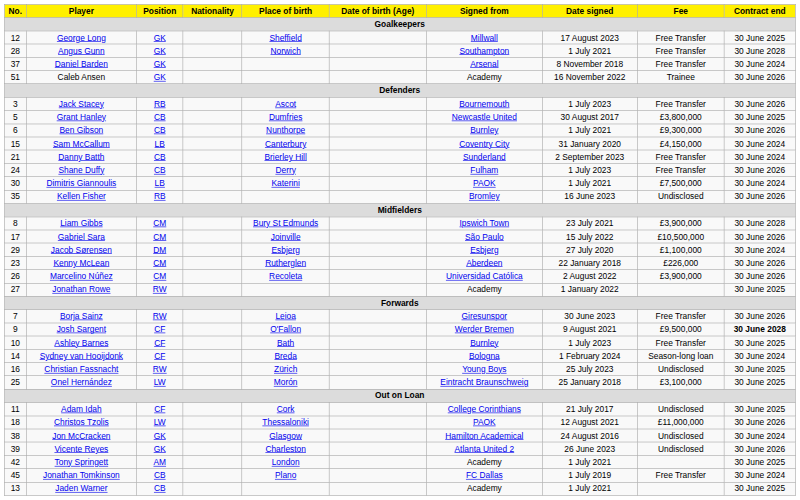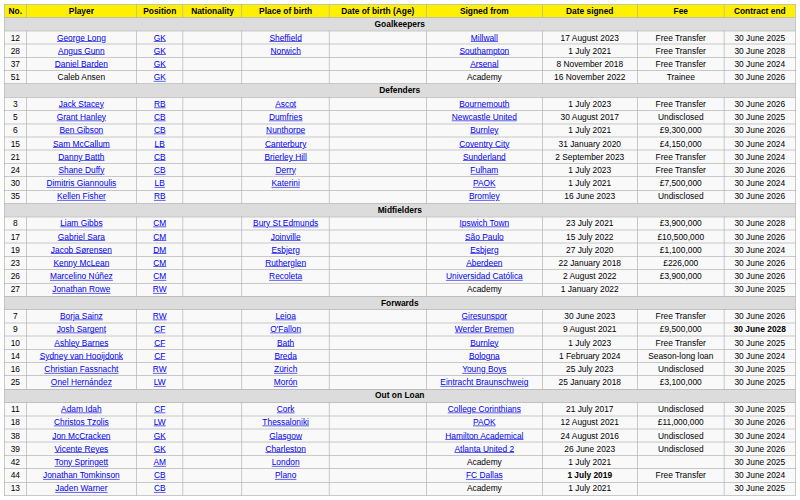 <table class="wikitable" style="text-align:center; font-size:84.5%; width:101%;">
 <tr>
 <th style="background:#fff000;color:#000000;">No.</th>
 <th style="background:#fff000;color:#000000;">Player</th>
 <th style="background:#fff000;color:#000000;">Position</th>
 <th style="background:#fff000;color:#000000;">Nationality</th>
 <th style="background:#fff000;color:#000000;">Place of birth</th>
 <th style="background:#fff000;color:#000000;">Date of birth (Age)</th>
 <th style="background:#fff000;color:#000000;">Signed from</th>
 <th style="background:#fff000;color:#000000;">Date signed</th>
 <th style="background:#fff000;color:#000000;">Fee</th>
 <th style="background:#fff000;color:#000000;">Contract end</th>
 </tr>
 <tr>
 <th colspan="14" style="background:#dcdcdc; tepxt-align:center;">Goalkeepers</th>
 </tr>
 <tr>
 <td>12</td>
 <td><a href='#'>George Long</a></td>
 <td><a href='#'>GK</a></td>
 <td></td>
 <td><a href='#'>Sheffield</a></td>
 <td></td>
 <td><a href='#'>Millwall</a></td>
 <td>17 August 2023</td>
 <td>Free Transfer</td>
 <td>30 June 2025</td>
 </tr>
 <tr>
 <td>28</td>
 <td><a href='#'>Angus Gunn</a></td>
 <td><a href='#'>GK</a></td>
 <td></td>
 <td><a href='#'>Norwich</a></td>
 <td></td>
 <td><a href='#'>Southampton</a></td>
 <td>1 July 2021</td>
 <td>Free Transfer</td>
 <td>30 June 2028</td>
 </tr>
 <tr>
 <td>37</td>
 <td><a href='#'>Daniel Barden</a></td>
 <td><a href='#'>GK</a></td>
 <td></td>
 <td></td>
 <td></td>
 <td><a href='#'>Arsenal</a></td>
 <td>8 November 2018</td>
 <td>Free Transfer</td>
 <td>30 June 2024</td>
 </tr>
 <tr>
 <td>51</td>
 <td>Caleb Ansen</td>
 <td><a href='#'>GK</a></td>
 <td></td>
 <td></td>
 <td></td>
 <td>Academy</td>
 <td>16 November 2022</td>
 <td>Trainee</td>
 <td>30 June 2026</td>
 </tr>
 <tr>
 <th colspan="14" style="background:#dcdcdc; tepxt-align:center;">Defenders</th>
 </tr>
 <tr>
 <td>3</td>
 <td><a href='#'>Jack Stacey</a></td>
 <td><a href='#'>RB</a></td>
 <td></td>
 <td><a href='#'>Ascot</a></td>
 <td></td>
 <td><a href='#'>Bournemouth</a></td>
 <td>1 July 2023</td>
 <td>Free Transfer</td>
 <td>30 June 2026</td>
 </tr>
 <tr>
 <td>5</td>
 <td><a href='#'>Grant Hanley</a></td>
 <td><a href='#'>CB</a></td>
 <td></td>
 <td><a href='#'>Dumfries</a></td>
 <td></td>
 <td><a href='#'>Newcastle United</a></td>
 <td>30 August 2017</td>
-<td>£3,800,000</td>
+<td>Undisclosed</td>
 <td>30 June 2025</td>
 </tr>
 <tr>
 <td>6</td>
 <td><a href='#'>Ben Gibson</a></td>
 <td><a href='#'>CB</a></td>
 <td></td>
 <td><a href='#'>Nunthorpe</a></td>
 <td></td>
 <td><a href='#'>Burnley</a></td>
 <td>1 July 2021</td>
 <td>£9,300,000</td>
 <td>30 June 2026</td>
 </tr>
 <tr>
 <td>15</td>
 <td><a href='#'>Sam McCallum</a></td>
 <td><a href='#'>LB</a></td>
 <td></td>
 <td><a href='#'>Canterbury</a></td>
 <td></td>
 <td><a href='#'>Coventry City</a></td>
 <td>31 January 2020</td>
 <td>£4,150,000</td>
 <td>30 June 2024</td>
 </tr>
 <tr>
 <td>21</td>
 <td><a href='#'>Danny Batth</a></td>
 <td><a href='#'>CB</a></td>
 <td></td>
 <td><a href='#'>Brierley Hill</a></td>
 <td></td>
 <td><a href='#'>Sunderland</a></td>
 <td>2 September 2023</td>
 <td>Free Transfer</td>
 <td>30 June 2024</td>
 </tr>
 <tr>
 <td>24</td>
 <td><a href='#'>Shane Duffy</a></td>
 <td><a href='#'>CB</a></td>
 <td></td>
 <td><a href='#'>Derry</a></td>
 <td></td>
 <td><a href='#'>Fulham</a></td>
 <td>1 July 2023</td>
 <td>Free Transfer</td>
 <td>30 June 2026</td>
 </tr>
 <tr>
 <td>30</td>
 <td><a href='#'>Dimitris Giannoulis</a></td>
 <td><a href='#'>LB</a></td>
 <td></td>
 <td><a href='#'>Katerini</a></td>
 <td></td>
 <td> <a href='#'>PAOK</a></td>
 <td>1 July 2021</td>
 <td>£7,500,000</td>
 <td>30 June 2024</td>
 </tr>
 <tr>
 <td>35</td>
 <td><a href='#'>Kellen Fisher</a></td>
 <td><a href='#'>RB</a></td>
 <td></td>
 <td></td>
 <td></td>
 <td><a href='#'>Bromley</a></td>
 <td>16 June 2023</td>
 <td>Undisclosed</td>
 <td>30 June 2026</td>
 </tr>
 <tr>
 <th colspan="14" style="background:#dcdcdc; tepxt-align:center;">Midfielders</th>
 </tr>
 <tr>
 <td>8</td>
 <td><a href='#'>Liam Gibbs</a></td>
 <td><a href='#'>CM</a></td>
 <td></td>
 <td><a href='#'>Bury St Edmunds</a></td>
 <td></td>
 <td><a href='#'>Ipswich Town</a></td>
 <td>23 July 2021</td>
 <td>£3,900,000</td>
 <td>30 June 2028</td>
 </tr>
 <tr>
 <td>17</td>
 <td><a href='#'>Gabriel Sara</a></td>
 <td><a href='#'>CM</a></td>
 <td></td>
 <td><a href='#'>Joinville</a></td>
 <td></td>
 <td> <a href='#'>São Paulo</a></td>
 <td>15 July 2022</td>
 <td>£10,500,000</td>
 <td>30 June 2026</td>
 </tr>
 <tr>
-<td>29</td>
+<td>19</td>
 <td><a href='#'>Jacob Sørensen</a></td>
 <td><a href='#'>DM</a></td>
 <td></td>
 <td><a href='#'>Esbjerg</a></td>
 <td></td>
 <td> <a href='#'>Esbjerg</a></td>
 <td>27 July 2020</td>
 <td>£1,100,000</td>
 <td>30 June 2024</td>
 </tr>
 <tr>
 <td>23</td>
 <td><a href='#'>Kenny McLean</a></td>
 <td><a href='#'>CM</a></td>
 <td></td>
 <td><a href='#'>Rutherglen</a></td>
 <td></td>
 <td> <a href='#'>Aberdeen</a></td>
 <td>22 January 2018</td>
 <td>£226,000</td>
 <td>30 June 2026</td>
 </tr>
 <tr>
 <td>26</td>
 <td><a href='#'>Marcelino Núñez</a></td>
 <td><a href='#'>CM</a></td>
 <td></td>
 <td><a href='#'>Recoleta</a></td>
 <td></td>
 <td> <a href='#'>Universidad Católica</a></td>
 <td>2 August 2022</td>
 <td>£3,900,000</td>
 <td>30 June 2026</td>
 </tr>
 <tr>
 <td>27</td>
 <td><a href='#'>Jonathan Rowe</a></td>
 <td><a href='#'>RW</a></td>
 <td></td>
 <td></td>
 <td></td>
 <td>Academy</td>
 <td>1 January 2022</td>
 <td></td>
 <td>30 June 2025</td>
 </tr>
 <tr>
 <th colspan="14" style="background:#dcdcdc; tepxt-align:center;">Forwards</th>
 </tr>
 <tr>
 <td>7</td>
 <td><a href='#'>Borja Sainz</a></td>
 <td><a href='#'>RW</a></td>
 <td></td>
 <td><a href='#'>Leioa</a></td>
 <td></td>
 <td> <a href='#'>Giresunspor</a></td>
 <td>30 June 2023</td>
 <td>Free Transfer</td>
 <td>30 June 2026</td>
 </tr>
 <tr>
 <td>9</td>
 <td><a href='#'>Josh Sargent</a></td>
 <td><a href='#'>CF</a></td>
 <td></td>
 <td><a href='#'>O'Fallon</a></td>
 <td></td>
 <td> <a href='#'>Werder Bremen</a></td>
 <td>9 August 2021</td>
 <td>£9,500,000</td>
 <td><strong>30 June 2028</strong></td>
 </tr>
 <tr>
 <td>10</td>
 <td><a href='#'>Ashley Barnes</a></td>
 <td><a href='#'>CF</a></td>
 <td></td>
 <td><a href='#'>Bath</a></td>
 <td></td>
 <td><a href='#'>Burnley</a></td>
 <td>1 July 2023</td>
 <td>Free Transfer</td>
 <td>30 June 2025</td>
 </tr>
 <tr>
 <td>14</td>
 <td><a href='#'>Sydney van Hooijdonk</a></td>
 <td><a href='#'>CF</a></td>
 <td></td>
 <td><a href='#'>Breda</a></td>
 <td></td>
 <td> <a href='#'>Bologna</a></td>
 <td>1 February 2024</td>
 <td>Season-long loan</td>
 <td>30 June 2024</td>
 </tr>
 <tr>
 <td>16</td>
 <td><a href='#'>Christian Fassnacht</a></td>
 <td><a href='#'>RW</a></td>
 <td></td>
 <td><a href='#'>Zürich</a></td>
 <td></td>
 <td> <a href='#'>Young Boys</a></td>
 <td>25 July 2023</td>
 <td>Undisclosed</td>
 <td>30 June 2025</td>
 </tr>
 <tr>
 <td>25</td>
 <td><a href='#'>Onel Hernández</a></td>
 <td><a href='#'>LW</a></td>
 <td></td>
 <td><a href='#'>Morón</a></td>
 <td></td>
 <td> <a href='#'>Eintracht Braunschweig</a></td>
 <td>25 January 2018</td>
 <td>£3,100,000</td>
 <td>30 June 2025</td>
 </tr>
 <tr>
 <th colspan="14" style="background:#dcdcdc; tepxt-align:center;">Out on Loan</th>
 </tr>
 <tr>
 <td>11</td>
 <td><a href='#'>Adam Idah</a></td>
 <td><a href='#'>CF</a></td>
 <td></td>
 <td><a href='#'>Cork</a></td>
 <td></td>
 <td> <a href='#'>College Corinthians</a></td>
 <td>21 July 2017</td>
 <td>Undisclosed</td>
 <td>30 June 2025</td>
 </tr>
 <tr>
 <td>18</td>
 <td><a href='#'>Christos Tzolis</a></td>
 <td><a href='#'>LW</a></td>
 <td></td>
 <td><a href='#'>Thessaloniki</a></td>
 <td></td>
 <td> <a href='#'>PAOK</a></td>
 <td>12 August 2021</td>
 <td>£11,000,000</td>
 <td>30 June 2026</td>
 </tr>
 <tr>
 <td>38</td>
 <td><a href='#'>Jon McCracken</a></td>
 <td><a href='#'>GK</a></td>
 <td></td>
 <td><a href='#'>Glasgow</a></td>
 <td></td>
 <td> <a href='#'>Hamilton Academical</a></td>
 <td>24 August 2016</td>
 <td>Undisclosed</td>
 <td>30 June 2024</td>
 </tr>
 <tr>
 <td>39</td>
 <td><a href='#'>Vicente Reyes</a></td>
 <td><a href='#'>GK</a></td>
 <td></td>
 <td> <a href='#'>Charleston</a></td>
 <td></td>
 <td> <a href='#'>Atlanta United 2</a></td>
 <td>26 June 2023</td>
 <td>Undisclosed</td>
 <td>30 June 2026</td>
 </tr>
 <tr>
 <td>42</td>
 <td><a href='#'>Tony Springett</a></td>
 <td><a href='#'>AM</a></td>
 <td></td>
 <td> <a href='#'>London</a></td>
 <td></td>
 <td>Academy</td>
 <td>1 July 2021</td>
 <td></td>
 <td>30 June 2025</td>
 </tr>
 <tr>
-<td>45</td>
+<td>44</td>
 <td><a href='#'>Jonathan Tomkinson</a></td>
 <td><a href='#'>CB</a></td>
 <td></td>
 <td><a href='#'>Plano</a></td>
 <td></td>
 <td> <a href='#'>FC Dallas</a></td>
-<td>1 July 2019</td>
+<td><strong>1 July 2019</strong></td>
 <td>Free Transfer</td>
 <td>30 June 2024</td>
 </tr>
 <tr>
 <td>13</td>
 <td><a href='#'>Jaden Warner</a></td>
 <td><a href='#'>CB</a></td>
 <td></td>
 <td></td>
 <td></td>
 <td>Academy</td>
 <td>1 July 2021</td>
 <td></td>
 <td>30 June 2025</td>
 </tr>
 </table>
